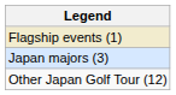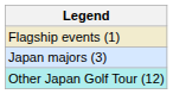 <table class="wikitable" style="font-size:95%;">
 <tr>
 <th>Legend</th>
 </tr>
 <tr style="background:#f2ecce;">
 <td>Flagship events (1)</td>
 </tr>
 <tr style="background:#D6E8FF;">
 <td>Japan majors (3)</td>
 </tr>
 <tr>
-<td>Other Japan Golf Tour (12)</td>
+<td style="background: paleturquoise;">Other Japan Golf Tour (12)</td>
 </tr>
 </table>
